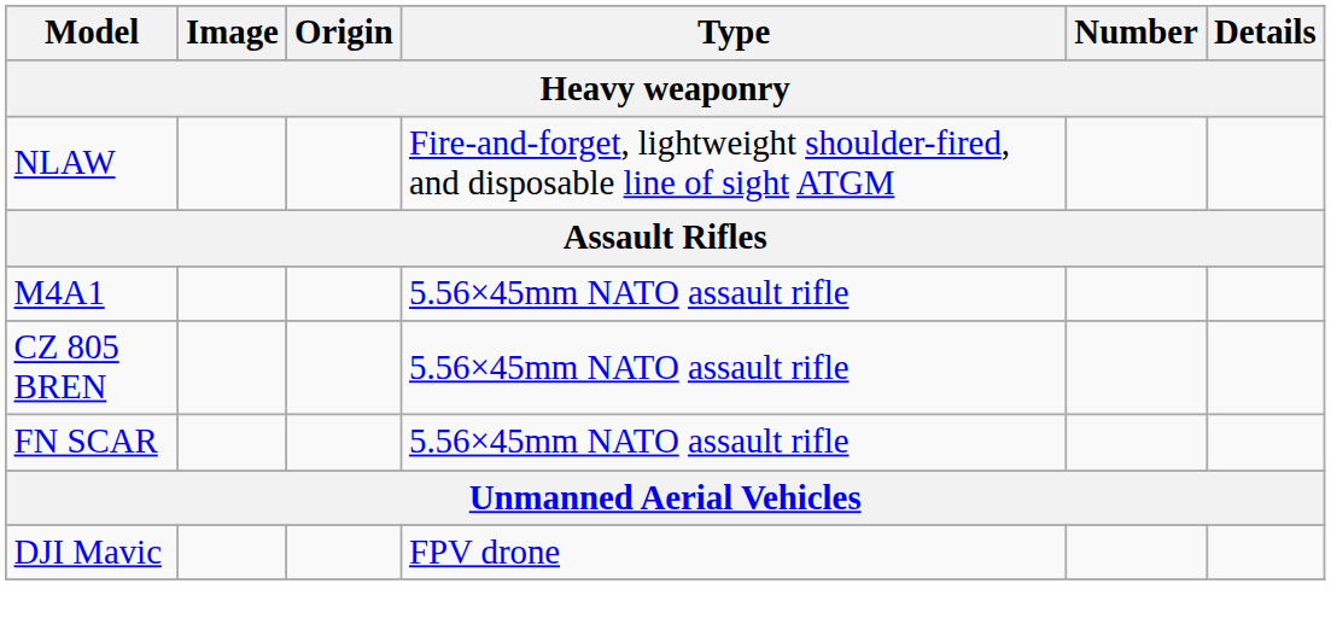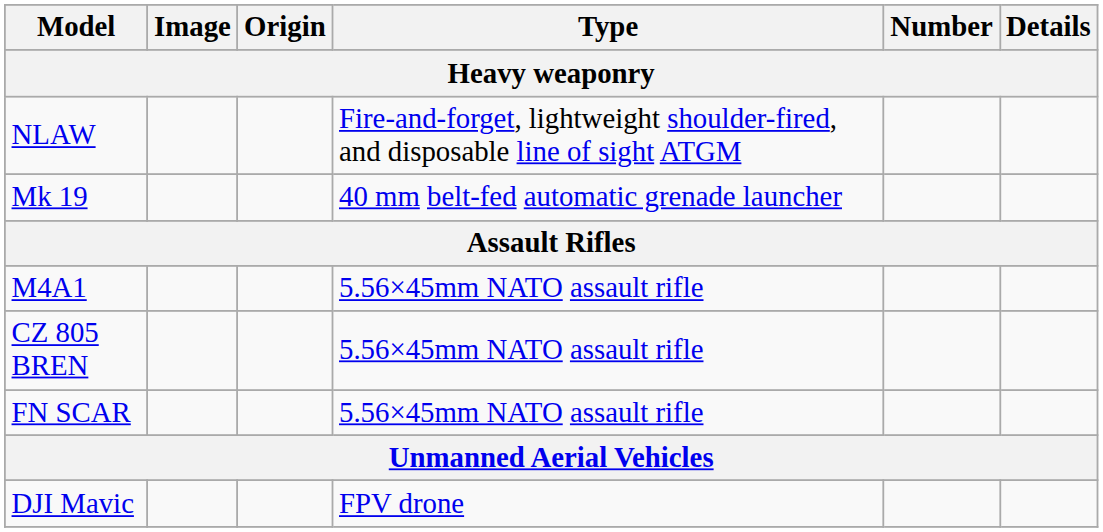 <table class="wikitable">
 <tr>
 <th>Model</th>
 <th>Image</th>
 <th>Origin</th>
 <th>Type</th>
 <th style="width:5%;">Number</th>
 <th>Details</th>
 </tr>
 <tr>
 <th colspan="6" style="align: center;">Heavy weaponry</th>
 </tr>
 <tr>
 <td><a href='#'>NLAW</a></td>
 <td></td>
 <td><br></td>
 <td><a href='#'>Fire-and-forget</a>, lightweight <a href='#'>shoulder-fired</a>, and disposable  <a href='#'>line of sight</a> <a href='#'>ATGM</a></td>
+<td></td>
+<td></td>
+</tr>
+<tr>
+<td><a href='#'>Mk 19</a></td>
+<td></td>
+<td></td>
+<td><a href='#'>40 mm</a> <a href='#'>belt-fed</a> <a href='#'>automatic grenade launcher</a></td>
 <td></td>
 <td></td>
 </tr>
 <tr>
 <th colspan="6" style="align: center;">Assault Rifles</th>
 </tr>
 <tr>
 <td><a href='#'>M4A1</a></td>
 <td></td>
 <td></td>
 <td><a href='#'>5.56×45mm NATO</a> <a href='#'>assault rifle</a></td>
 <td></td>
 <td></td>
 </tr>
 <tr>
 <td><a href='#'>CZ 805 BREN</a></td>
 <td></td>
 <td></td>
 <td><a href='#'>5.56×45mm NATO</a> <a href='#'>assault rifle</a></td>
 <td></td>
 <td></td>
 </tr>
 <tr>
 <td><a href='#'>FN SCAR</a></td>
 <td></td>
 <td></td>
 <td><a href='#'>5.56×45mm NATO</a> <a href='#'>assault rifle</a></td>
 <td></td>
 <td></td>
 </tr>
 <tr>
 <th colspan="6" style="align: center;"><a href='#'>Unmanned Aerial Vehicles</a></th>
 </tr>
 <tr>
 <td><a href='#'>DJI Mavic</a></td>
 <td></td>
 <td></td>
 <td><a href='#'>FPV drone</a></td>
 <td></td>
 <td></td>
 </tr>
 </table>
